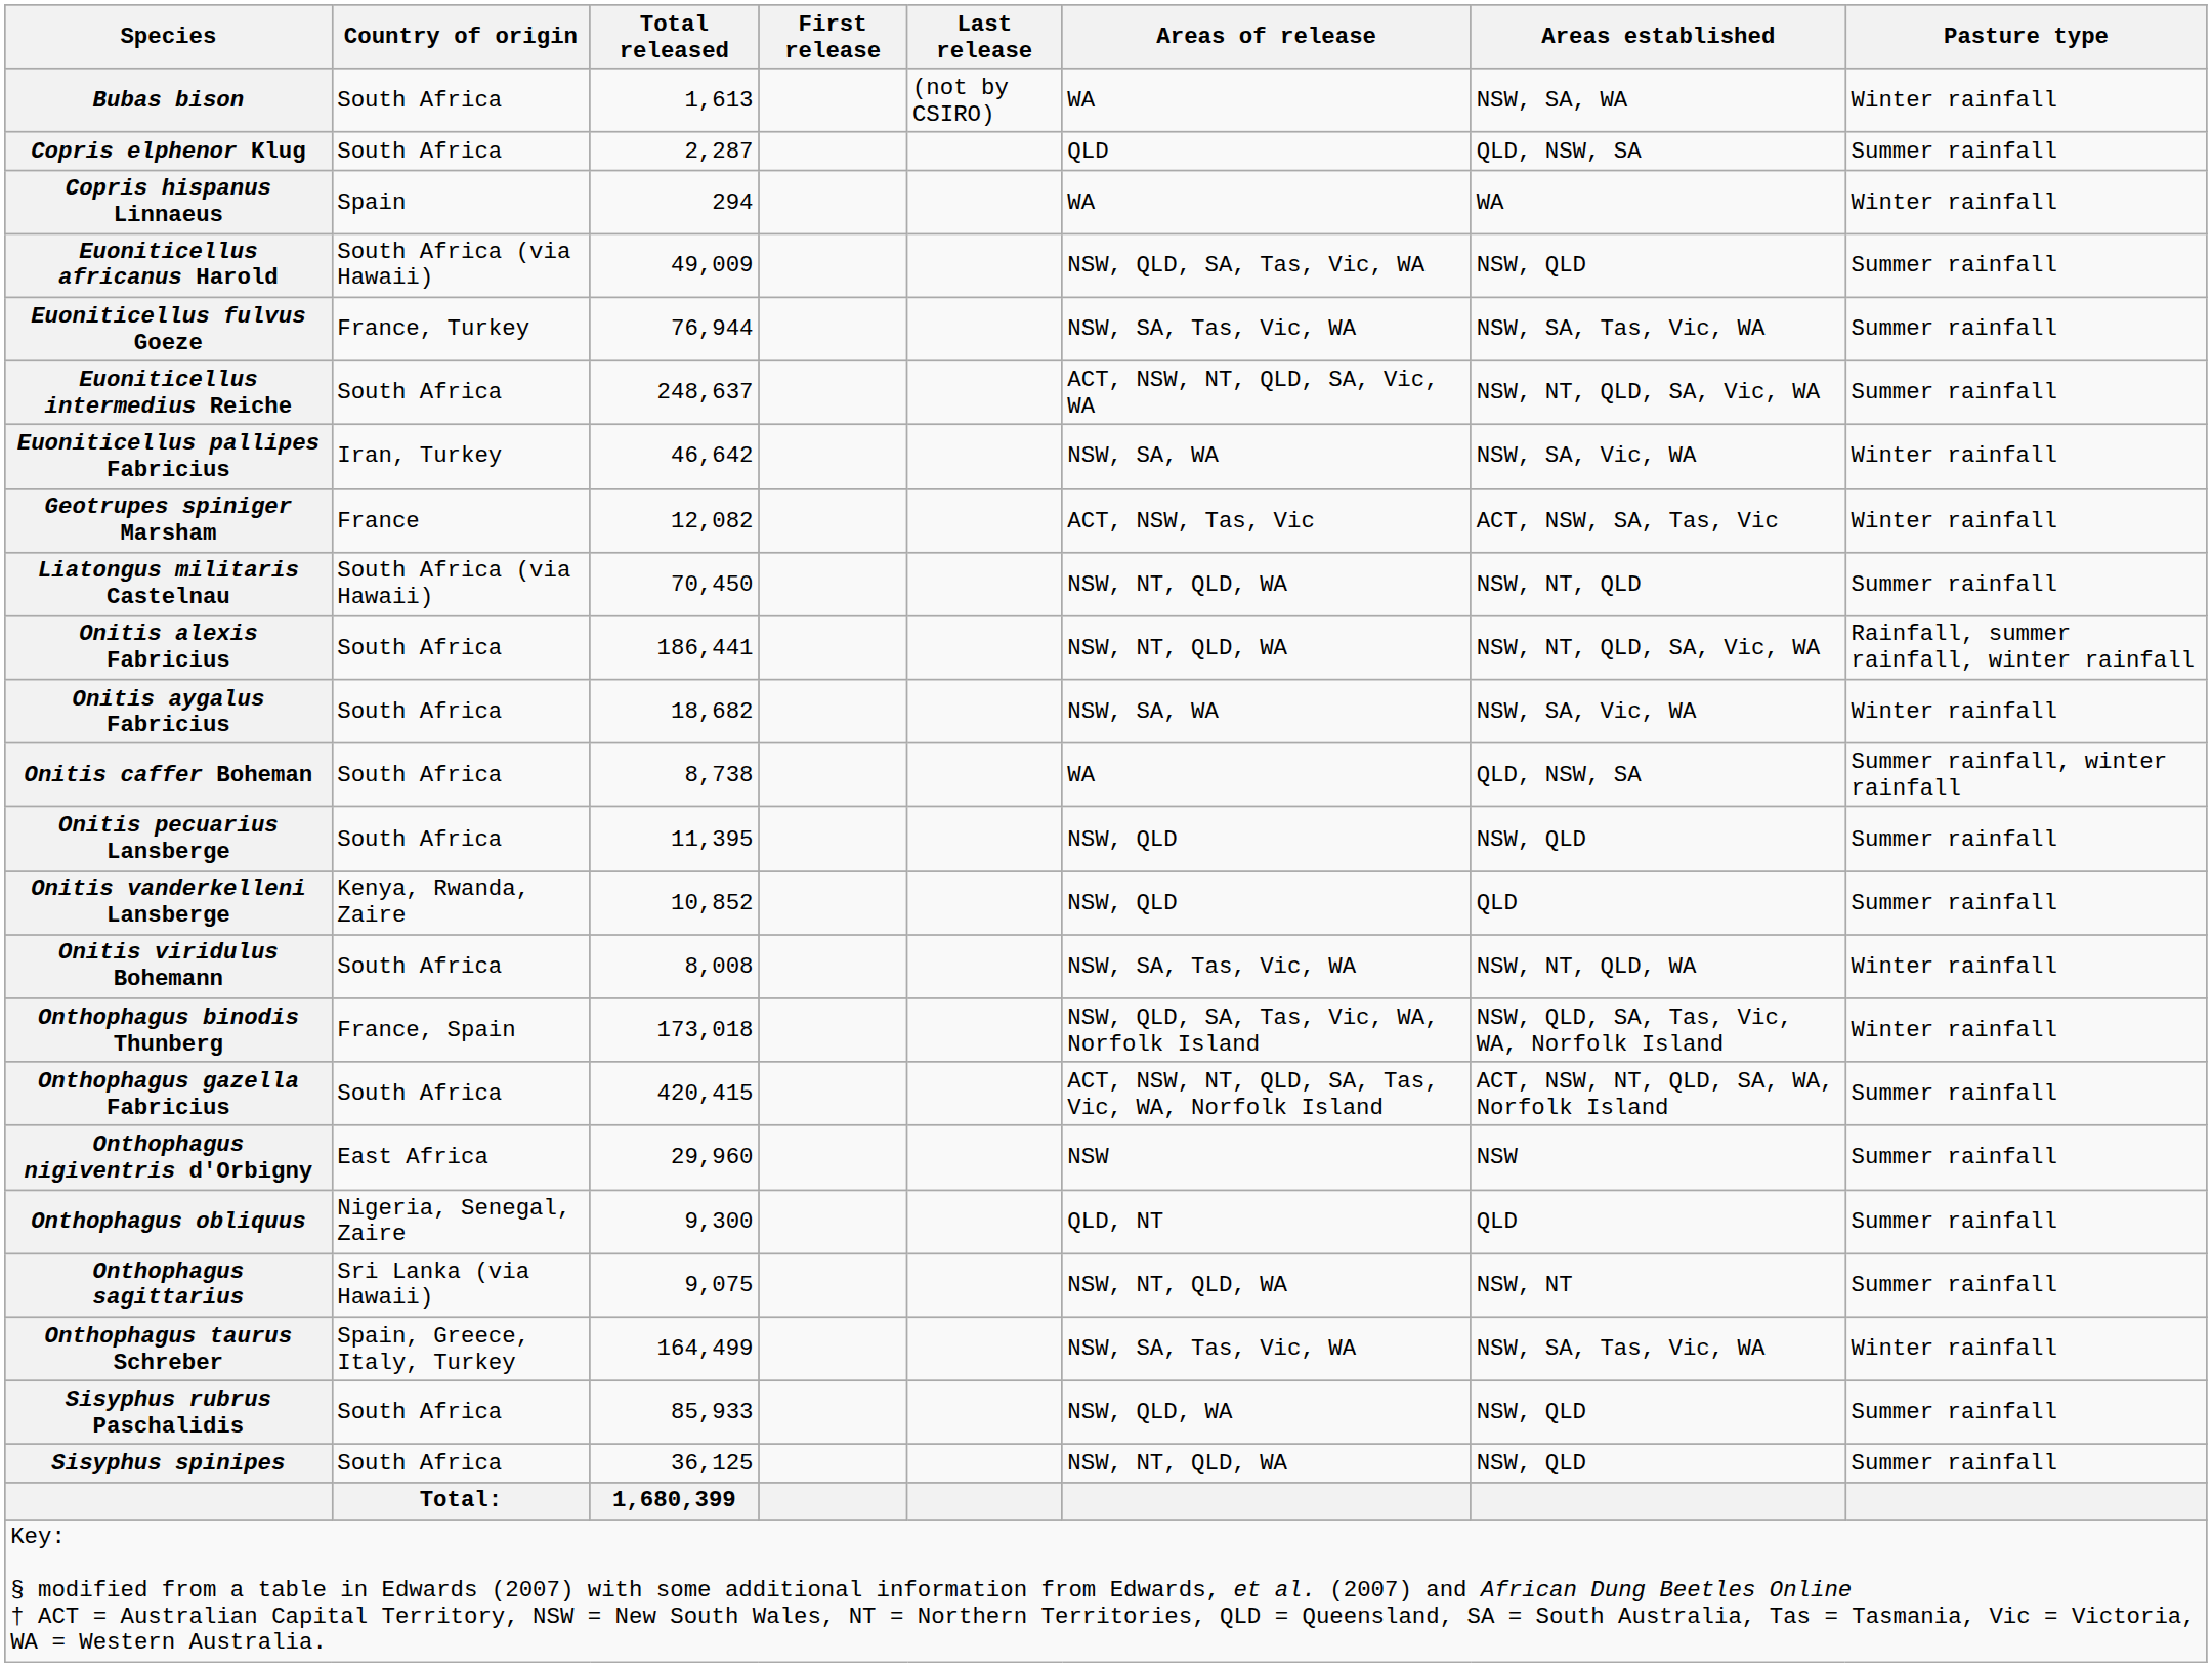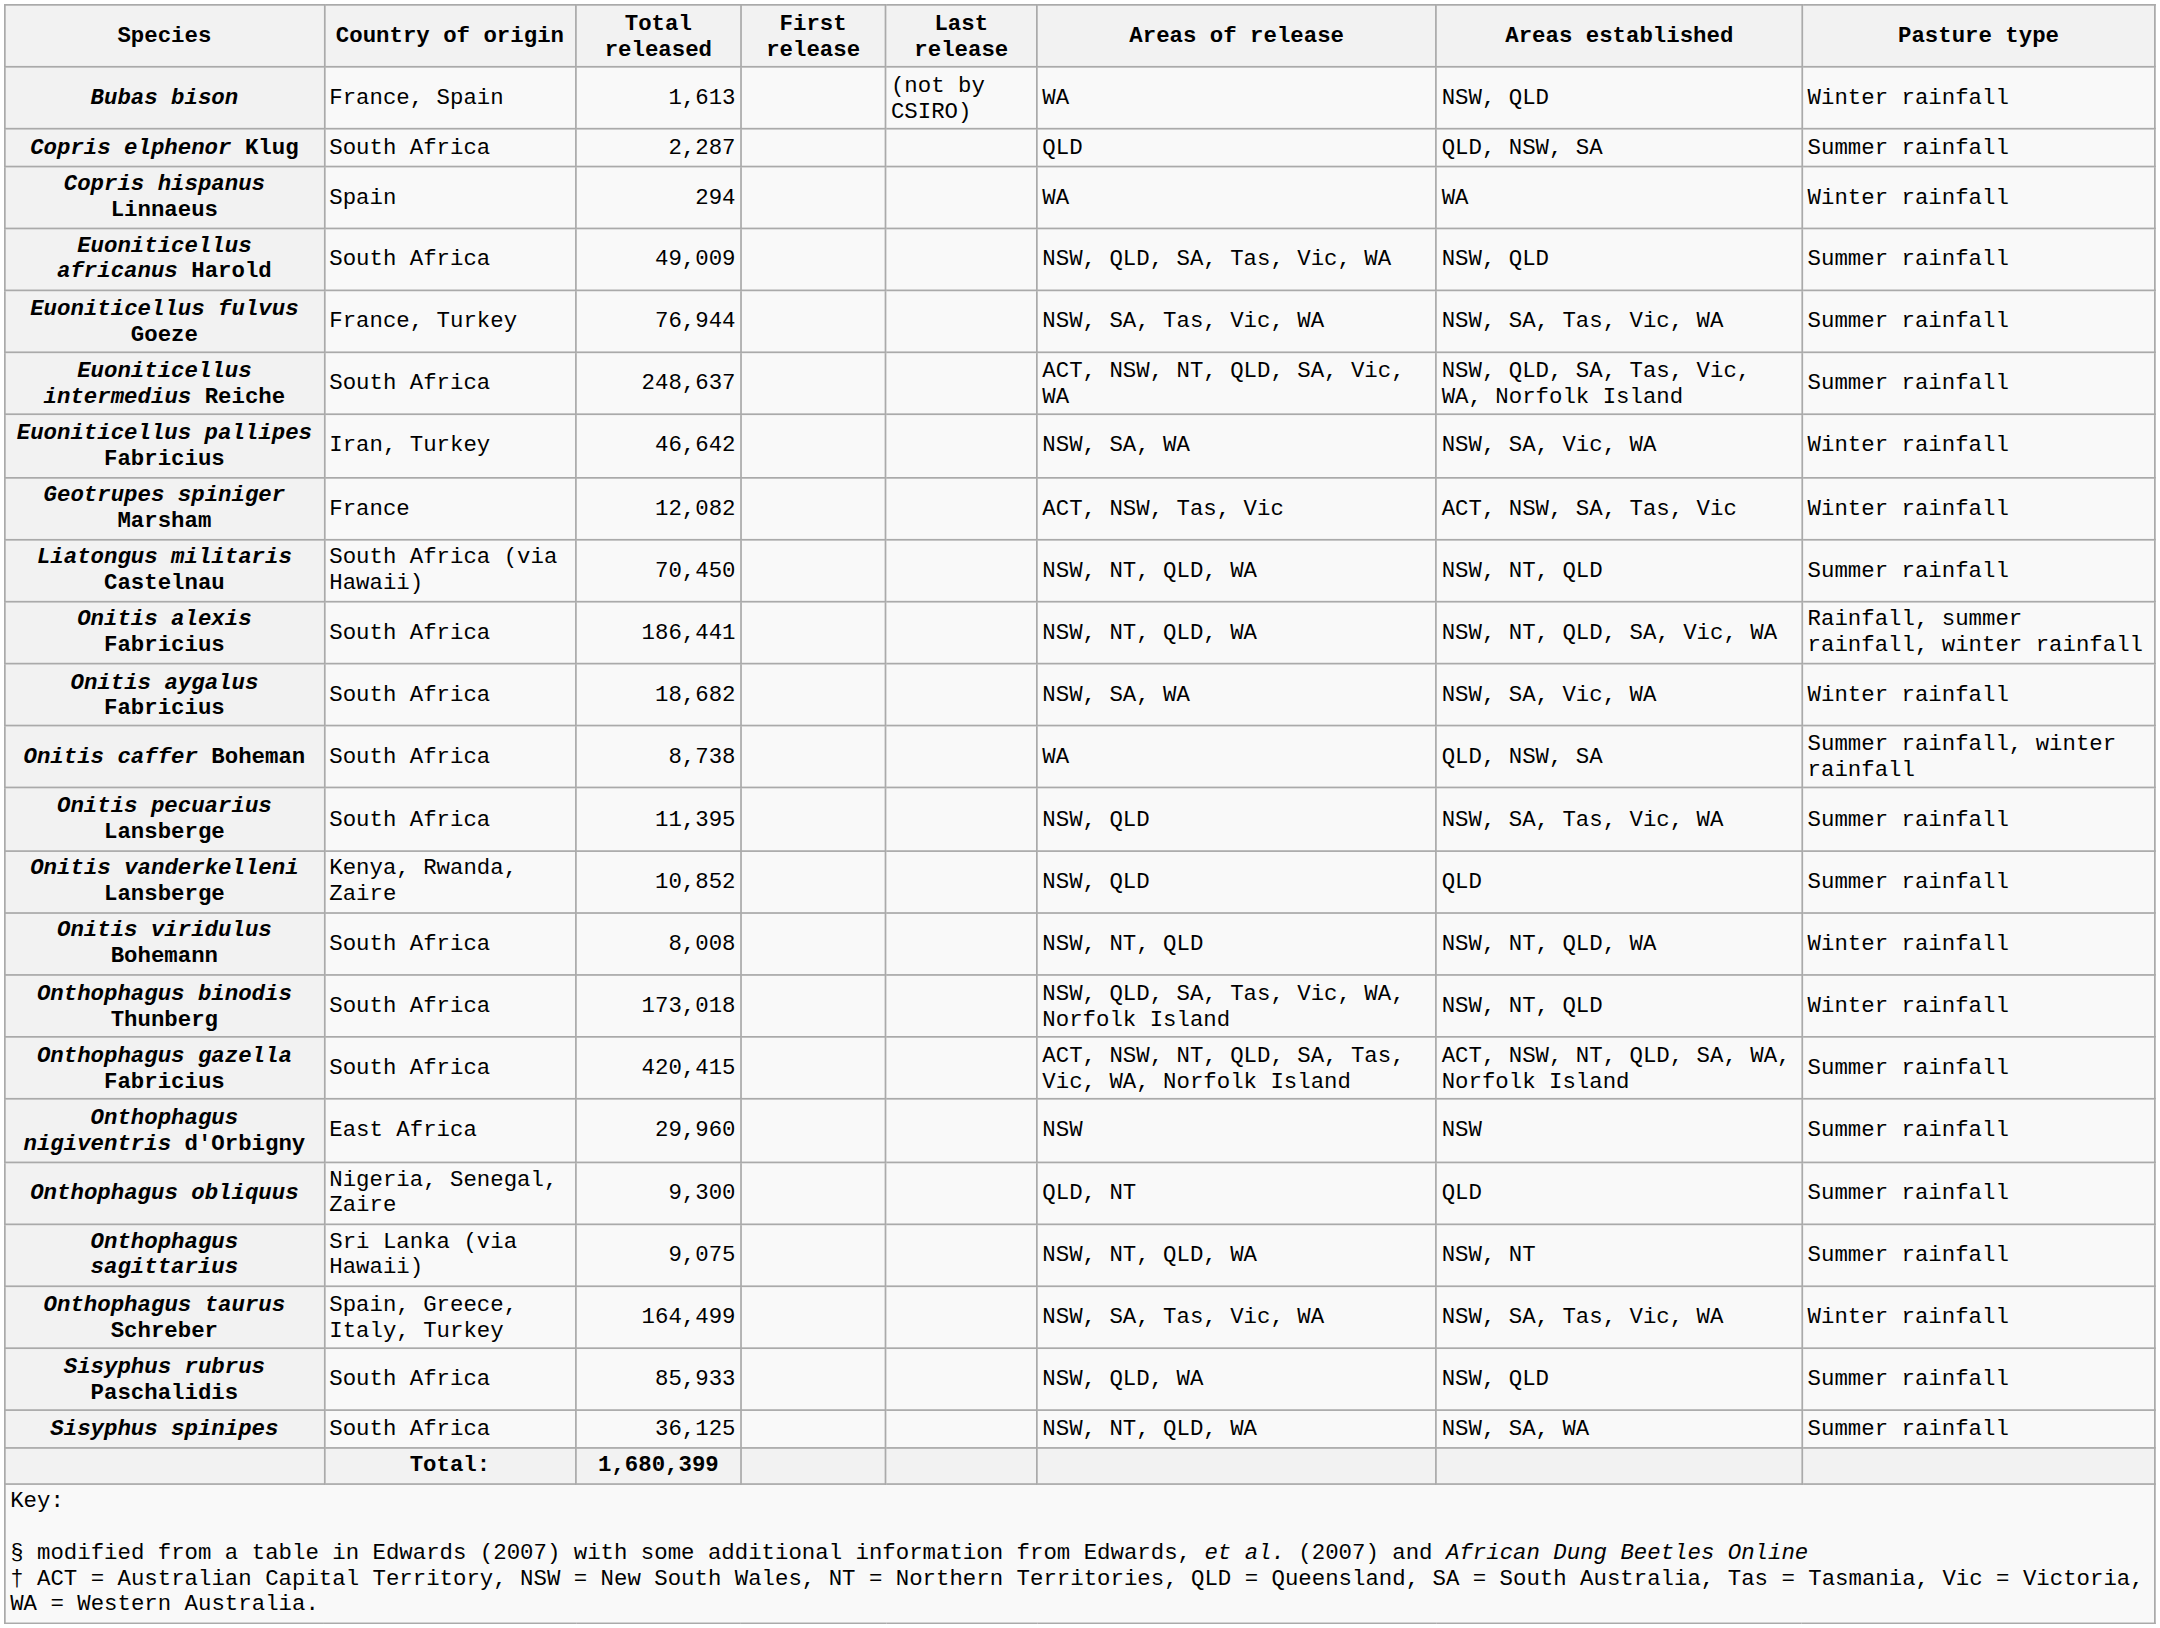 <table class="wikitable sortable">
 <tr>
 <th scope="col">Species</th>
 <th scope="col">Country of origin</th>
 <th scope="col">Total released</th>
 <th scope="col">First release</th>
 <th scope="col">Last release</th>
 <th scope="col" class="unsortable">Areas of release</th>
 <th scope="col" class="unsortable">Areas established</th>
 <th scope="col">Pasture type</th>
 </tr>
 <tr>
 <th scope="row"><em>Bubas bison</em></th>
-<td>South Africa</td>
+<td>France, Spain</td>
 <td align="right">1,613</td>
 <td></td>
 <td> (not by CSIRO)</td>
 <td>WA</td>
-<td>NSW, SA, WA</td>
+<td>NSW, QLD</td>
 <td>Winter rainfall</td>
 </tr>
 <tr>
 <th scope="row"><em>Copris elphenor</em> Klug</th>
 <td>South Africa</td>
 <td align="right">2,287</td>
 <td></td>
 <td></td>
 <td>QLD</td>
 <td>QLD, NSW, SA</td>
 <td>Summer rainfall</td>
 </tr>
 <tr>
 <th scope="row"><em>Copris hispanus</em> Linnaeus</th>
 <td>Spain</td>
 <td align="right">294</td>
 <td></td>
 <td></td>
 <td>WA</td>
 <td>WA</td>
 <td>Winter rainfall</td>
 </tr>
 <tr>
 <th scope="row"><em>Euoniticellus africanus</em> Harold</th>
-<td>South Africa (via Hawaii)</td>
+<td>South Africa</td>
 <td align="right">49,009</td>
 <td></td>
 <td></td>
 <td>NSW, QLD, SA, Tas, Vic, WA</td>
 <td>NSW, QLD</td>
 <td>Summer rainfall</td>
 </tr>
 <tr>
 <th scope="row"><em>Euoniticellus fulvus</em> Goeze</th>
 <td>France, Turkey</td>
 <td align="right">76,944</td>
 <td></td>
 <td></td>
 <td>NSW, SA, Tas, Vic, WA</td>
 <td>NSW, SA, Tas, Vic, WA</td>
 <td>Summer rainfall</td>
 </tr>
 <tr>
 <th scope="row"><em>Euoniticellus intermedius</em> Reiche</th>
 <td>South Africa</td>
 <td align="right">248,637</td>
 <td></td>
 <td></td>
 <td>ACT, NSW, NT, QLD, SA, Vic, WA</td>
-<td>NSW, NT, QLD, SA, Vic, WA</td>
+<td>NSW, QLD, SA, Tas, Vic, WA, Norfolk Island</td>
 <td>Summer rainfall</td>
 </tr>
 <tr>
 <th scope="row"><em>Euoniticellus pallipes</em> Fabricius</th>
 <td>Iran, Turkey</td>
 <td align="right">46,642</td>
 <td></td>
 <td></td>
 <td>NSW, SA, WA</td>
 <td>NSW, SA, Vic, WA</td>
 <td>Winter rainfall</td>
 </tr>
 <tr>
 <th scope="row"><em>Geotrupes spiniger</em> Marsham</th>
 <td>France</td>
 <td align="right">12,082</td>
 <td></td>
 <td></td>
 <td>ACT, NSW, Tas, Vic</td>
 <td>ACT, NSW, SA, Tas, Vic</td>
 <td>Winter rainfall</td>
 </tr>
 <tr>
 <th scope="row"><em>Liatongus militaris</em> Castelnau</th>
 <td>South Africa (via Hawaii)</td>
 <td align="right">70,450</td>
 <td></td>
 <td></td>
 <td>NSW, NT, QLD, WA</td>
 <td>NSW, NT, QLD</td>
 <td>Summer rainfall</td>
 </tr>
 <tr>
 <th scope="row"><em>Onitis alexis</em> Fabricius</th>
 <td>South Africa</td>
 <td align="right">186,441</td>
 <td></td>
 <td></td>
 <td>NSW, NT, QLD, WA</td>
 <td>NSW, NT, QLD, SA, Vic, WA</td>
 <td>Rainfall, summer rainfall, winter rainfall</td>
 </tr>
 <tr>
 <th scope="row"><em>Onitis aygalus</em> Fabricius</th>
 <td>South Africa</td>
 <td align="right">18,682</td>
 <td></td>
 <td></td>
 <td>NSW, SA, WA</td>
 <td>NSW, SA, Vic, WA</td>
 <td>Winter rainfall</td>
 </tr>
 <tr>
 <th scope="row"><em>Onitis caffer</em> Boheman</th>
 <td>South Africa</td>
 <td align="right">8,738</td>
 <td></td>
 <td></td>
 <td>WA</td>
 <td>QLD, NSW, SA</td>
 <td>Summer rainfall, winter rainfall</td>
 </tr>
 <tr>
 <th scope="row"><em>Onitis pecuarius</em> Lansberge</th>
 <td>South Africa</td>
 <td align="right">11,395</td>
 <td></td>
 <td></td>
 <td>NSW, QLD</td>
-<td>NSW, QLD</td>
+<td>NSW, SA, Tas, Vic, WA</td>
 <td>Summer rainfall</td>
 </tr>
 <tr>
 <th scope="row"><em>Onitis vanderkelleni</em> Lansberge</th>
 <td>Kenya, Rwanda, Zaire</td>
 <td align="right">10,852</td>
 <td></td>
 <td></td>
 <td>NSW, QLD</td>
 <td>QLD</td>
 <td>Summer rainfall</td>
 </tr>
 <tr>
 <th scope="row"><em>Onitis viridulus</em> Bohemann</th>
 <td>South Africa</td>
 <td align="right">8,008</td>
 <td></td>
 <td></td>
-<td>NSW, SA, Tas, Vic, WA</td>
+<td>NSW, NT, QLD</td>
 <td>NSW, NT, QLD, WA</td>
 <td>Winter rainfall</td>
 </tr>
 <tr>
 <th scope="row"><em>Onthophagus binodis</em> Thunberg</th>
-<td>France, Spain</td>
+<td>South Africa</td>
 <td align="right">173,018</td>
 <td></td>
 <td></td>
 <td>NSW, QLD, SA, Tas, Vic, WA, Norfolk Island</td>
-<td>NSW, QLD, SA, Tas, Vic, WA, Norfolk Island</td>
+<td>NSW, NT, QLD</td>
 <td>Winter rainfall</td>
 </tr>
 <tr>
 <th scope="row"><em>Onthophagus gazella</em> Fabricius</th>
 <td>South Africa</td>
 <td align="right">420,415</td>
 <td></td>
 <td></td>
 <td>ACT, NSW, NT, QLD, SA, Tas, Vic, WA, Norfolk Island</td>
 <td>ACT, NSW, NT, QLD, SA, WA, Norfolk Island</td>
 <td>Summer rainfall</td>
 </tr>
 <tr>
 <th scope="row"><em>Onthophagus nigiventris</em> d'Orbigny</th>
 <td>East Africa</td>
 <td align="right">29,960</td>
 <td></td>
 <td></td>
 <td>NSW</td>
 <td>NSW</td>
 <td>Summer rainfall</td>
 </tr>
 <tr>
 <th scope="row"><em>Onthophagus obliquus</em></th>
 <td>Nigeria, Senegal, Zaire</td>
 <td align="right">9,300</td>
 <td></td>
 <td></td>
 <td>QLD, NT</td>
 <td>QLD</td>
 <td>Summer rainfall</td>
 </tr>
 <tr>
 <th scope="row"><em>Onthophagus sagittarius</em></th>
 <td>Sri Lanka (via Hawaii)</td>
 <td align="right">9,075</td>
 <td></td>
 <td></td>
 <td>NSW, NT, QLD, WA</td>
 <td>NSW, NT</td>
 <td>Summer rainfall</td>
 </tr>
 <tr>
 <th scope="row"><em>Onthophagus taurus</em> Schreber</th>
 <td>Spain, Greece, Italy, Turkey</td>
 <td align="right">164,499</td>
 <td></td>
 <td></td>
 <td>NSW, SA, Tas, Vic, WA</td>
 <td>NSW, SA, Tas, Vic, WA</td>
 <td>Winter rainfall</td>
 </tr>
 <tr>
 <th scope="row"><em>Sisyphus rubrus</em> Paschalidis</th>
 <td>South Africa</td>
 <td align="right">85,933</td>
 <td></td>
 <td></td>
 <td>NSW, QLD, WA</td>
 <td>NSW, QLD</td>
 <td>Summer rainfall</td>
 </tr>
 <tr>
 <th scope="row"><em>Sisyphus spinipes</em></th>
 <td>South Africa</td>
 <td align="right">36,125</td>
 <td></td>
 <td></td>
 <td>NSW, NT, QLD, WA</td>
-<td>NSW, QLD</td>
+<td>NSW, SA, WA</td>
 <td>Summer rainfall</td>
 </tr>
 <tr class="sortbottom">
 <th></th>
 <th scope="row">Total:</th>
 <th>1,680,399</th>
 <th></th>
 <th></th>
 <th></th>
 <th></th>
 <th></th>
 </tr>
 <tr class="sortbottom">
 <td colspan="8">Key:<br><br>§ modified from a table in Edwards (2007) with some additional information from Edwards, <em>et al.</em> (2007) and <em>African Dung Beetles Online</em><br> † ACT = Australian Capital Territory, NSW = New South Wales, NT =  Northern Territories, QLD = Queensland, SA = South Australia, Tas = Tasmania, Vic = Victoria, WA = Western Australia.</td>
 </tr>
 </table>
